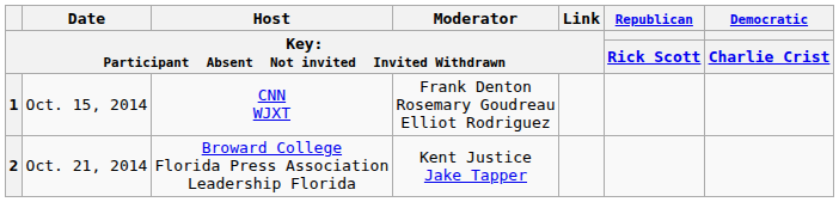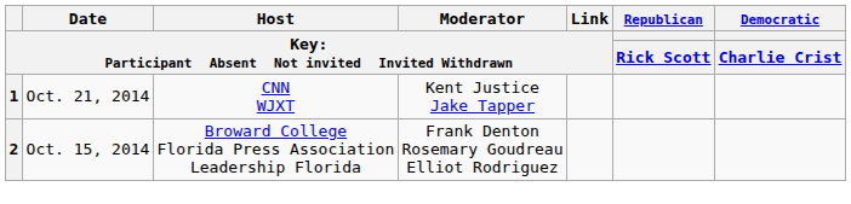 <table class="wikitable" style="text-align:center;">
 <tr>
 <th scope="col"></th>
 <th scope="col">Date</th>
 <th scope="col">Host</th>
 <th scope="col">Moderator</th>
 <th scope="col">Link</th>
 <th scope="col"><small><a href='#'>Republican</a></small></th>
 <th scope="col"><small><a href='#'>Democratic</a></small></th>
 </tr>
 <tr>
 <th colspan="5" rowspan="2">Key:<br> <small>Participant </small>  <small>Absent </small>  <small>Not invited </small>  <small>Invited  Withdrawn</small></th>
 <th scope="col" style="background:"></th>
 <th scope="col" style="background:"></th>
 </tr>
 <tr>
 <th scope="col"><a href='#'>Rick Scott</a></th>
 <th scope="col"><a href='#'>Charlie Crist</a></th>
 </tr>
 <tr>
 <th>1</th>
-<td style="white-space:nowrap;">Oct. 15, 2014</td>
+<td style="white-space:nowrap;">Oct. 21, 2014</td>
 <td style="white-space:nowrap;"><a href='#'>CNN</a><br><a href='#'>WJXT</a></td>
-<td style="white-space:nowrap;">Frank Denton<br>Rosemary Goudreau<br>Elliot Rodriguez</td>
+<td style="white-space:nowrap;">Kent Justice<br><a href='#'>Jake Tapper</a></td>
 <td style="white-space:nowrap;"></td>
 <td></td>
 <td></td>
 </tr>
 <tr>
 <th>2</th>
-<td style="white-space:nowrap;">Oct. 21, 2014</td>
+<td style="white-space:nowrap;">Oct. 15, 2014</td>
 <td style="white-space:nowrap;"><a href='#'>Broward College</a><br>Florida Press Association<br>Leadership Florida</td>
-<td style="white-space:nowrap;">Kent Justice<br><a href='#'>Jake Tapper</a></td>
+<td style="white-space:nowrap;">Frank Denton<br>Rosemary Goudreau<br>Elliot Rodriguez</td>
 <td style="white-space:nowrap;"></td>
 <td></td>
 <td></td>
 </tr>
 </table>
